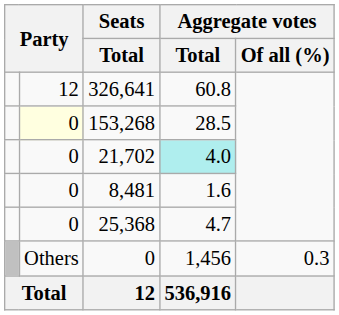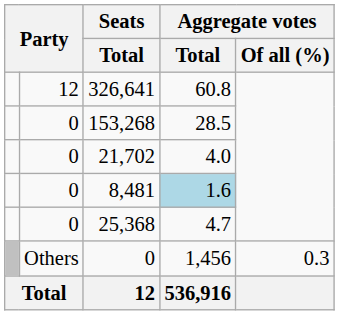 <table class="wikitable" style="text-align:right; font-size:95%;">
 <tr>
 <th colspan="2" rowspan="2">Party</th>
 <th>Seats</th>
 <th colspan="2">Aggregate votes</th>
 </tr>
 <tr>
 <th>Total</th>
 <th>Total</th>
 <th>Of all (%)</th>
 </tr>
 <tr>
 <td></td>
 <td>12</td>
 <td>326,641</td>
 <td>60.8</td>
 </tr>
 <tr>
 <td></td>
-<td style="background: lightyellow;">0</td>
+<td>0</td>
 <td>153,268</td>
 <td>28.5</td>
 </tr>
 <tr>
 <td></td>
 <td>0</td>
 <td>21,702</td>
-<td style="background: paleturquoise;">4.0</td>
+<td>4.0</td>
 </tr>
 <tr>
 <td></td>
 <td>0</td>
 <td>8,481</td>
-<td>1.6</td>
+<td style="background: lightblue;">1.6</td>
 </tr>
 <tr>
 <td></td>
 <td>0</td>
 <td>25,368</td>
 <td>4.7</td>
 </tr>
 <tr>
 <td style="background:silver;"> </td>
 <td align=left>Others</td>
 <td>0</td>
 <td>1,456</td>
 <td>0.3</td>
 </tr>
 <tr>
 <th colspan="2" style="background:#f2f2f2"><strong>Total</strong></th>
 <td style="background:#f2f2f2;"><strong>12</strong></td>
 <td style="background:#f2f2f2;"><strong>536,916</strong></td>
 <td style="background:#f2f2f2;"></td>
 </tr>
 </table>
